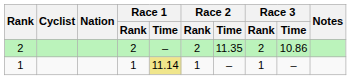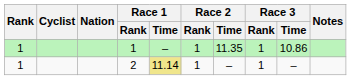 <table class="wikitable sortable" style="text-align:center">
 <tr>
 <th rowspan=2>Rank</th>
 <th rowspan=2>Cyclist</th>
 <th rowspan=2>Nation</th>
 <th colspan=2>Race 1</th>
 <th colspan=2>Race 2</th>
 <th colspan=2>Race 3</th>
 <th rowspan=2>Notes</th>
 </tr>
 <tr>
 <th>Rank</th>
 <th>Time</th>
 <th>Rank</th>
 <th>Time</th>
 <th>Rank</th>
 <th>Time</th>
 </tr>
 <tr bgcolor=bbf3bb>
-<td>2</td>
+<td>1</td>
 <td align=left></td>
 <td align=left></td>
-<td>2</td>
+<td>1</td>
 <td>–</td>
-<td>2</td>
+<td>1</td>
 <td>11.35</td>
-<td>2</td>
+<td>1</td>
 <td>10.86</td>
 <td></td>
 </tr>
 <tr>
 <td>1</td>
 <td align=left></td>
 <td align=left></td>
-<td>1</td>
+<td>2</td>
 <td style="background: khaki;">11.14</td>
 <td>1</td>
 <td>–</td>
 <td>1</td>
 <td>–</td>
 <td></td>
 </tr>
 </table>
